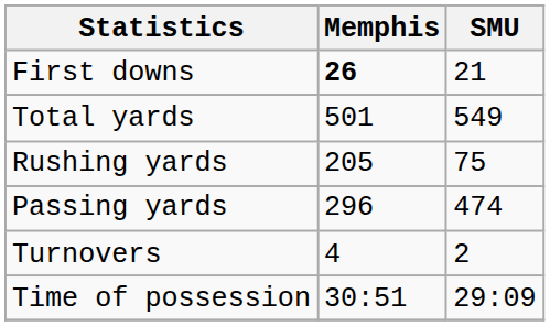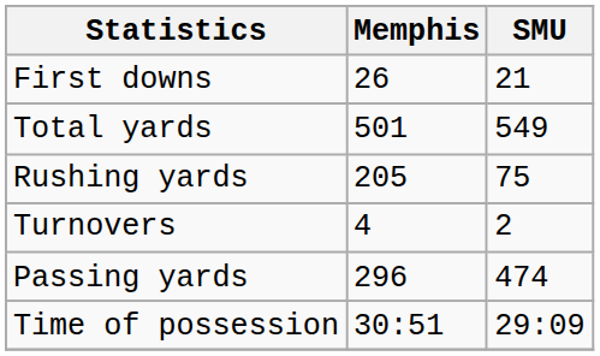 <table class="wikitable">
 <tr>
 <th>Statistics</th>
 <th>Memphis</th>
 <th>SMU</th>
 </tr>
 <tr>
 <td>First downs</td>
-<td><strong>26</strong></td>
+<td>26</td>
 <td>21</td>
 </tr>
 <tr>
 <td>Total yards</td>
 <td>501</td>
 <td>549</td>
 </tr>
 <tr>
 <td>Rushing yards</td>
 <td>205</td>
 <td>75</td>
 </tr>
 <tr>
+<td>Turnovers</td>
+<td>4</td>
+<td>2</td>
+</tr>
+<tr>
 <td>Passing yards</td>
 <td>296</td>
 <td>474</td>
-</tr>
-<tr>
-<td>Turnovers</td>
-<td>4</td>
-<td>2</td>
 </tr>
 <tr>
 <td>Time of possession</td>
 <td>30:51</td>
 <td>29:09</td>
 </tr>
 <tr>
 </tr>
 </table>
